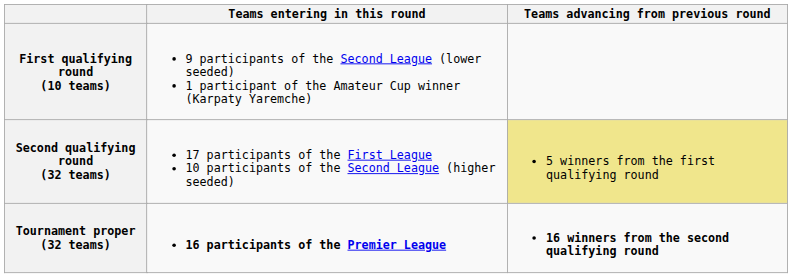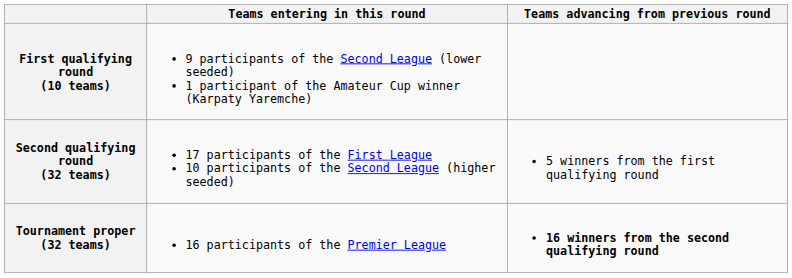 <table class="wikitable">
 <tr>
 <th colspan=2></th>
 <th>Teams entering in this round</th>
 <th>Teams advancing from previous round</th>
 </tr>
 <tr>
 <th colspan=2>First qualifying round<br> (10 teams)</th>
 <td><br><ul><li>9 participants of the <a href='#'>Second League</a> (lower seeded)</li><li>1 participant of the Amateur Cup winner (Karpaty Yaremche)</li></ul></td>
 <td></td>
 </tr>
 <tr>
 <th colspan=2>Second qualifying round<br> (32 teams)</th>
 <td><br><ul><li>17 participants of the <a href='#'>First League</a></li><li>10 participants of the <a href='#'>Second League</a> (higher seeded)</li></ul></td>
-<td style="background: khaki;"><br><ul><li>5 winners from the first qualifying round</li></ul></td>
+<td><br><ul><li>5 winners from the first qualifying round</li></ul></td>
 </tr>
 <tr>
 <th colspan=2>Tournament proper<br> (32 teams)</th>
-<td><strong><br><ul><li>16 participants of the <a href='#'>Premier League</a></li></ul></strong></td>
+<td><br><ul><li>16 participants of the <a href='#'>Premier League</a></li></ul></td>
 <td><strong><br><ul><li>16 winners from the second qualifying round</li></ul></strong></td>
 </tr>
 </table>
